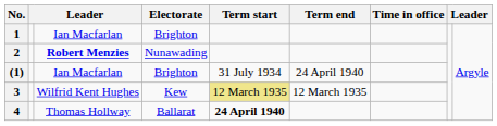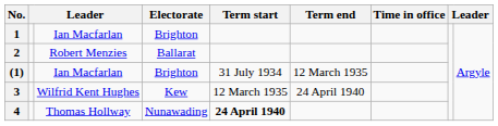 <table class="wikitable" style="text-align:center">
 <tr>
 <th class=unsortable>No.</th>
 <th colspan=2>Leader<br></th>
 <th>Electorate</th>
 <th>Term start</th>
 <th>Term end</th>
 <th>Time in office</th>
 <th colspan=2>Leader<br></th>
 </tr>
 <tr>
 <th style="background:">1</th>
 <td></td>
 <td><a href='#'>Ian Macfarlan</a><br></td>
 <td><a href='#'>Brighton</a></td>
 <td></td>
 <td></td>
 <td></td>
 <td rowspan=5; ></td>
 <td rowspan=5><a href='#'>Argyle</a><br></td>
 </tr>
 <tr>
 <th style="background:">2</th>
 <td></td>
-<td><strong><a href='#'>Robert Menzies</a><br></strong></td>
-<td><a href='#'>Nunawading</a></td>
+<td><a href='#'>Robert Menzies</a><br></td>
+<td><a href='#'>Ballarat</a></td>
 <td></td>
 <td></td>
 <td></td>
 </tr>
 <tr>
 <th style="background:">(1)</th>
 <td></td>
 <td><a href='#'>Ian Macfarlan</a><br></td>
 <td><a href='#'>Brighton</a></td>
 <td>31 July 1934</td>
-<td>24 April 1940</td>
+<td>12 March 1935</td>
 <td></td>
 </tr>
 <tr>
 <th style="background:">3</th>
 <td></td>
 <td><a href='#'>Wilfrid Kent Hughes</a><br></td>
 <td><a href='#'>Kew</a></td>
-<td style="background: khaki;">12 March 1935</td>
 <td>12 March 1935</td>
+<td>24 April 1940</td>
 <td></td>
 </tr>
 <tr>
 <th style="background:">4</th>
 <td></td>
 <td><a href='#'>Thomas Hollway</a><br></td>
-<td><a href='#'>Ballarat</a></td>
+<td><a href='#'>Nunawading</a></td>
 <td><strong>24 April 1940</strong></td>
 <td></td>
 <td></td>
 </tr>
 </table>
